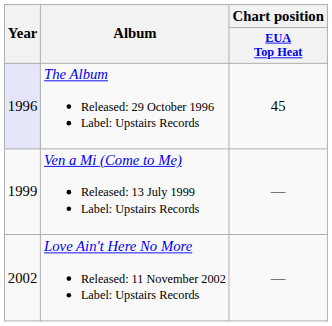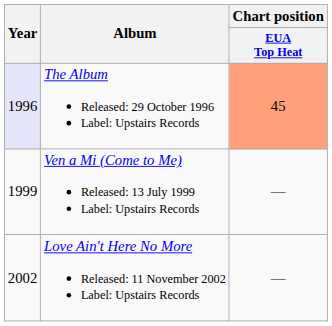 <table class="wikitable">
 <tr>
 <th rowspan="2">Year</th>
 <th rowspan="2">Album</th>
 <th colspan="4">Chart position</th>
 </tr>
 <tr style="font-size:smaller;">
 <th><a href='#'>EUA<br>Top Heat</a><br></th>
 </tr>
 <tr>
 <td rowspan="1" align="center" style="background: lavender;">1996</td>
 <td><em><a href='#'>The Album</a></em><br><ul><li><small>Released: 29 October 1996</small></li><li><small>Label: Upstairs Records</small></li></ul></td>
-<td align="center">45</td>
+<td align="center" style="background: lightsalmon;">45</td>
 </tr>
 <tr>
 <td rowspan="1" align="center">1999</td>
 <td><em><a href='#'>Ven a Mi (Come to Me)</a></em><br><ul><li><small>Released: 13 July 1999</small></li><li><small>Label: Upstairs Records</small></li></ul></td>
 <td align="center">—</td>
 </tr>
 <tr>
 <td rowspan="1" align="center">2002</td>
 <td><em><a href='#'>Love Ain't Here No More</a></em><br><ul><li><small>Released: 11 November 2002</small></li><li><small>Label: Upstairs Records</small></li></ul></td>
 <td align="center">—</td>
 </tr>
 </table>
